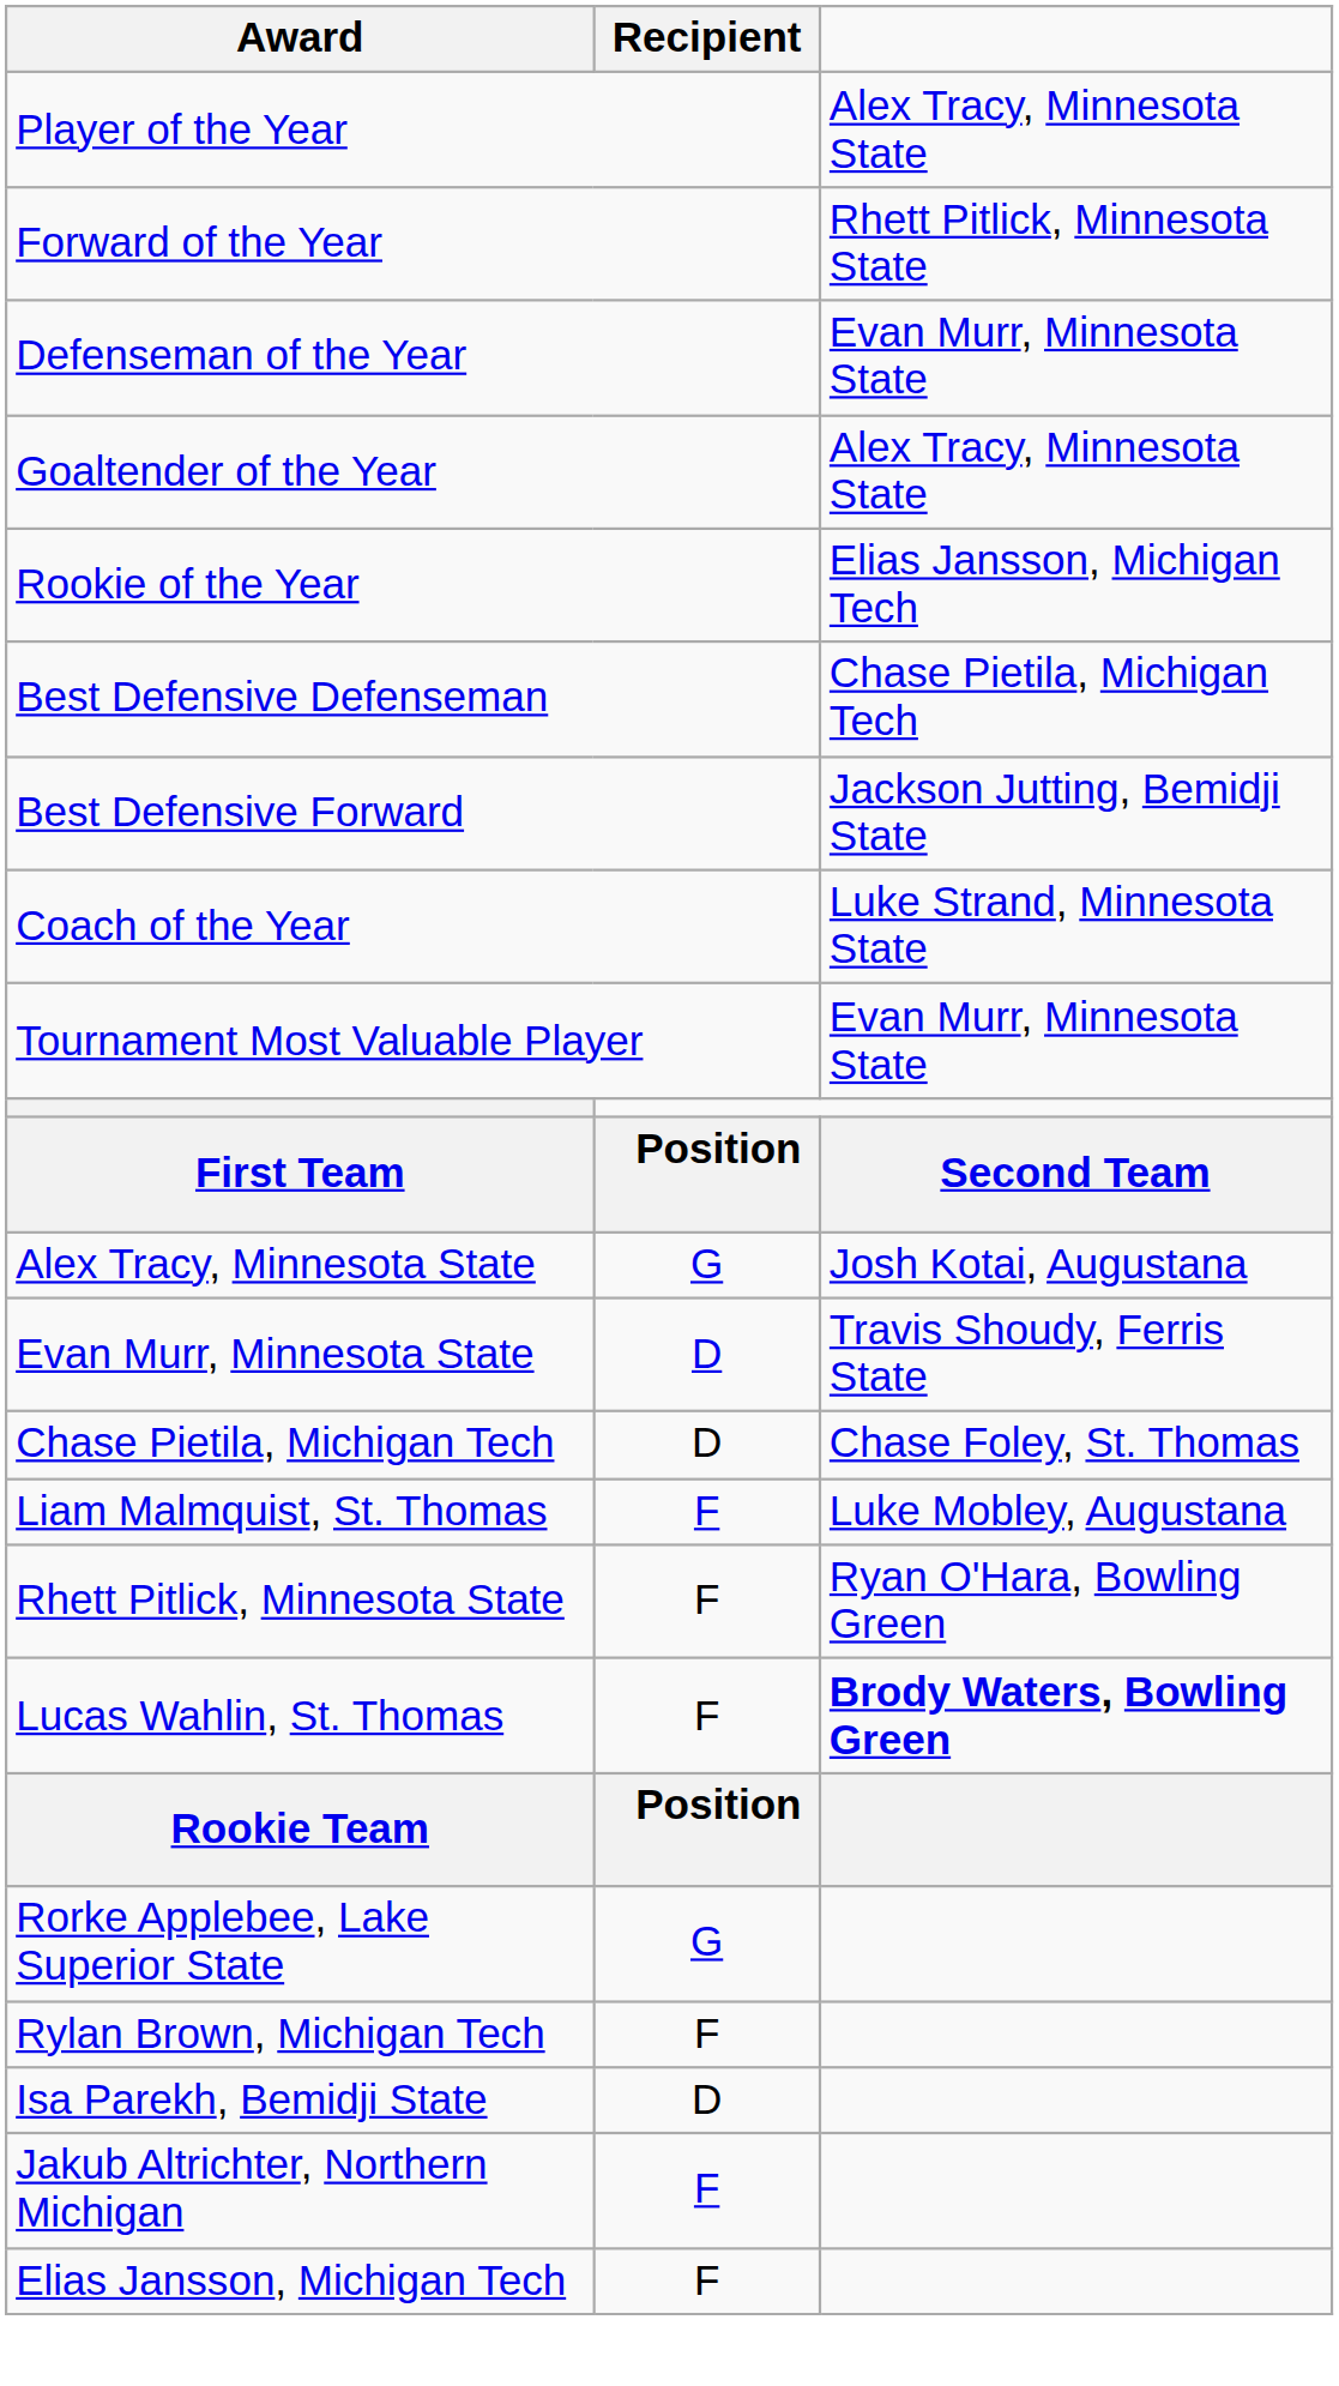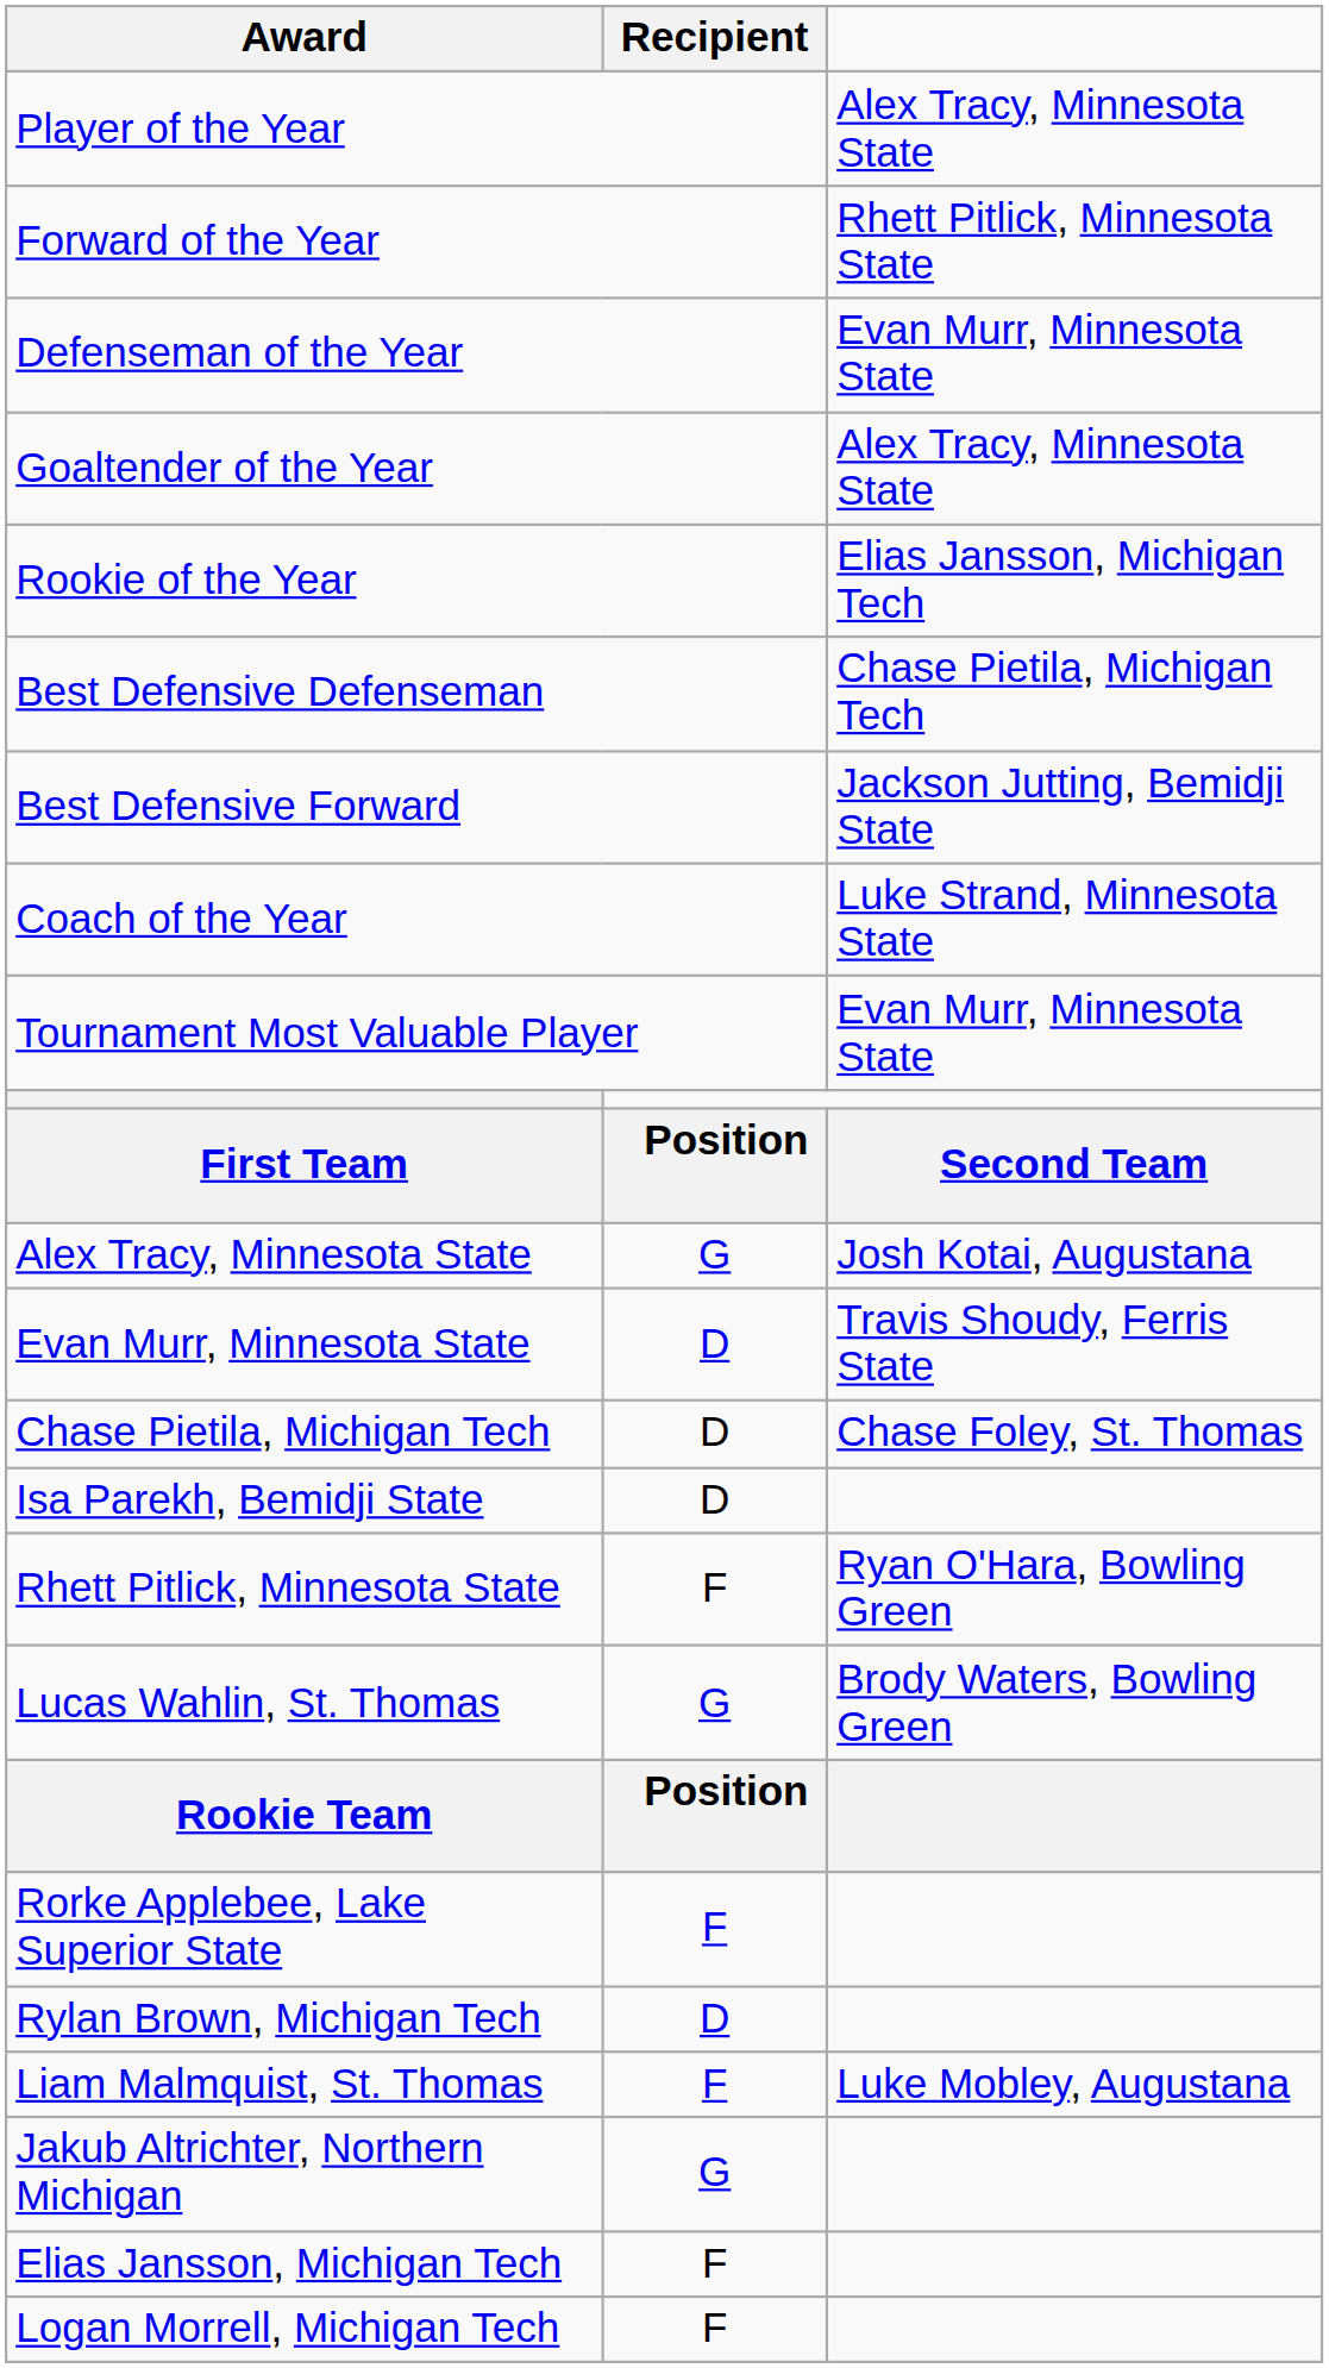 <table class="wikitable" width=40%>
 <tr>
 <th>Award</th>
 <th>Recipient</th>
 </tr>
 <tr>
 <td colspan=2><a href='#'>Player of the Year</a></td>
 <td><a href='#'>Alex Tracy</a>, <a href='#'>Minnesota State</a></td>
 </tr>
 <tr>
 <td colspan=2><a href='#'>Forward of the Year</a></td>
 <td><a href='#'>Rhett Pitlick</a>, <a href='#'>Minnesota State</a></td>
 </tr>
 <tr>
 <td colspan=2><a href='#'>Defenseman of the Year</a></td>
 <td><a href='#'>Evan Murr</a>, <a href='#'>Minnesota State</a></td>
 </tr>
 <tr>
 <td colspan=2><a href='#'>Goaltender of the Year</a></td>
 <td><a href='#'>Alex Tracy</a>, <a href='#'>Minnesota State</a></td>
 </tr>
 <tr>
 <td colspan=2><a href='#'>Rookie of the Year</a></td>
 <td><a href='#'>Elias Jansson</a>, <a href='#'>Michigan Tech</a></td>
 </tr>
 <tr>
 <td colspan=2><a href='#'>Best Defensive Defenseman</a></td>
 <td><a href='#'>Chase Pietila</a>, <a href='#'>Michigan Tech</a></td>
 </tr>
 <tr>
 <td colspan=2><a href='#'>Best Defensive Forward</a></td>
 <td><a href='#'>Jackson Jutting</a>, <a href='#'>Bemidji State</a></td>
 </tr>
 <tr>
 <td colspan=2><a href='#'>Coach of the Year</a></td>
 <td><a href='#'>Luke Strand</a>, <a href='#'>Minnesota State</a></td>
 </tr>
 <tr>
 <td colspan=2><a href='#'>Tournament Most Valuable Player</a></td>
 <td><a href='#'>Evan Murr</a>, <a href='#'>Minnesota State</a></td>
 </tr>
 <tr>
 <th><a href='#'></a></th>
 </tr>
 <tr>
 <th><a href='#'>First Team</a></th>
 <th>  Position  </th>
 <th><a href='#'>Second Team</a></th>
 </tr>
 <tr>
 <td><a href='#'>Alex Tracy</a>, <a href='#'>Minnesota State</a></td>
 <td align=center><a href='#'>G</a></td>
 <td><a href='#'>Josh Kotai</a>, <a href='#'>Augustana</a></td>
 </tr>
 <tr>
 <td><a href='#'>Evan Murr</a>, <a href='#'>Minnesota State</a></td>
 <td align=center><a href='#'>D</a></td>
 <td><a href='#'>Travis Shoudy</a>, <a href='#'>Ferris State</a></td>
 </tr>
 <tr>
 <td><a href='#'>Chase Pietila</a>, <a href='#'>Michigan Tech</a></td>
 <td align=center>D</td>
 <td><a href='#'>Chase Foley</a>, <a href='#'>St. Thomas</a></td>
 </tr>
 <tr>
-<td><a href='#'>Liam Malmquist</a>, <a href='#'>St. Thomas</a></td>
-<td align=center><a href='#'>F</a></td>
-<td><a href='#'>Luke Mobley</a>, <a href='#'>Augustana</a></td>
+<td><a href='#'>Isa Parekh</a>, <a href='#'>Bemidji State</a></td>
+<td align=center>D</td>
+<td></td>
 </tr>
 <tr>
 <td><a href='#'>Rhett Pitlick</a>, <a href='#'>Minnesota State</a></td>
 <td align=center>F</td>
 <td><a href='#'>Ryan O'Hara</a>, <a href='#'>Bowling Green</a></td>
 </tr>
 <tr>
 <td><a href='#'>Lucas Wahlin</a>, <a href='#'>St. Thomas</a></td>
-<td align=center>F</td>
-<td><strong><a href='#'>Brody Waters</a>, <a href='#'>Bowling Green</a></strong></td>
+<td align=center><a href='#'>G</a></td>
+<td><a href='#'>Brody Waters</a>, <a href='#'>Bowling Green</a></td>
 </tr>
 <tr>
 <th><a href='#'>Rookie Team</a></th>
 <th>  Position  </th>
 <th></th>
 </tr>
 <tr>
 <td><a href='#'>Rorke Applebee</a>, <a href='#'>Lake Superior State</a></td>
-<td align=center><a href='#'>G</a></td>
+<td align=center><a href='#'>F</a></td>
 <td></td>
 </tr>
 <tr>
 <td><a href='#'>Rylan Brown</a>, <a href='#'>Michigan Tech</a></td>
-<td align=center>F</td>
+<td align=center><a href='#'>D</a></td>
 <td></td>
 </tr>
 <tr>
-<td><a href='#'>Isa Parekh</a>, <a href='#'>Bemidji State</a></td>
-<td align=center>D</td>
-<td></td>
+<td><a href='#'>Liam Malmquist</a>, <a href='#'>St. Thomas</a></td>
+<td align=center><a href='#'>F</a></td>
+<td><a href='#'>Luke Mobley</a>, <a href='#'>Augustana</a></td>
 </tr>
 <tr>
 <td><a href='#'>Jakub Altrichter</a>, <a href='#'>Northern Michigan</a></td>
-<td align=center><a href='#'>F</a></td>
+<td align=center><a href='#'>G</a></td>
 <td></td>
 </tr>
 <tr>
 <td><a href='#'>Elias Jansson</a>, <a href='#'>Michigan Tech</a></td>
 <td align=center>F</td>
 <td></td>
 </tr>
+<tr>
+<td><a href='#'>Logan Morrell</a>, <a href='#'>Michigan Tech</a></td>
+<td align=center>F</td>
+<td></td>
+</tr>
 </table>
